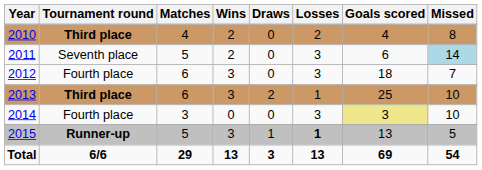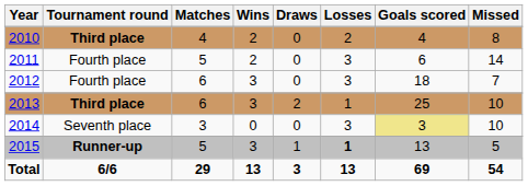 <table class="wikitable" style="text-align: center;">
 <tr>
 <th>Year</th>
 <th>Tournament round</th>
 <th>Matches</th>
 <th>Wins</th>
 <th>Draws</th>
 <th>Losses</th>
 <th>Goals scored</th>
 <th>Missed</th>
 </tr>
 <tr>
 </tr>
 <tr bgcolor="#cc9966">
 <td> <a href='#'>2010</a></td>
 <td><strong>Third place</strong></td>
 <td>4</td>
 <td>2</td>
 <td>0</td>
 <td>2</td>
 <td>4</td>
 <td>8</td>
 </tr>
 <tr>
 <td> <a href='#'>2011</a></td>
-<td>Seventh place</td>
+<td>Fourth place</td>
 <td>5</td>
 <td>2</td>
 <td>0</td>
 <td>3</td>
 <td>6</td>
-<td style="background: lightblue;">14</td>
+<td>14</td>
 </tr>
 <tr>
 <td> <a href='#'>2012</a></td>
 <td>Fourth place</td>
 <td>6</td>
 <td>3</td>
 <td>0</td>
 <td>3</td>
 <td>18</td>
 <td>7</td>
 </tr>
 <tr>
 </tr>
 <tr bgcolor="#cc9966">
 <td> <a href='#'>2013</a></td>
 <td><strong>Third place</strong></td>
 <td>6</td>
 <td>3</td>
 <td>2</td>
 <td>1</td>
 <td>25</td>
 <td>10</td>
 </tr>
 <tr>
 <td> <a href='#'>2014</a></td>
-<td>Fourth place</td>
+<td>Seventh place</td>
 <td>3</td>
 <td>0</td>
 <td>0</td>
 <td>3</td>
 <td style="background: khaki;">3</td>
 <td>10</td>
 </tr>
 <tr>
 </tr>
 <tr bgcolor="#c0c0c0">
 <td> <a href='#'>2015</a></td>
 <td><strong>Runner-up</strong></td>
 <td>5</td>
 <td>3</td>
 <td>1</td>
 <td><strong>1</strong></td>
 <td>13</td>
 <td>5</td>
 </tr>
 <tr>
 <td><strong>Total</strong></td>
 <td><strong>6/6</strong></td>
 <td><strong>29</strong></td>
 <td><strong>13</strong></td>
 <td><strong>3</strong></td>
 <td><strong>13</strong></td>
 <td><strong>69</strong></td>
 <td><strong>54</strong></td>
 </tr>
 </table>
